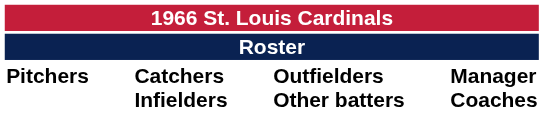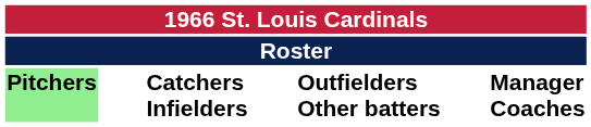 <table class="toccolours" style="font-size: 95%;">
 <tr>
 <th colspan="10" style="background-color: #c41e3a; color: white; text-align: center;">1966 St. Louis Cardinals</th>
 </tr>
 <tr>
 <td colspan="10" style="background-color: #0a2252; color: white; text-align: center;"><strong>Roster</strong></td>
 </tr>
 <tr>
-<td valign="top"><strong>Pitchers</strong><br>                 </td>
+<td valign="top" style="background: lightgreen;"><strong>Pitchers</strong><br>                 </td>
 <td width="25px"></td>
 <td valign="top"><strong>Catchers</strong><br>  <strong>Infielders</strong>          </td>
 <td width="25px"></td>
 <td valign="top"><strong>Outfielders</strong><br>      <strong>Other batters</strong> </td>
 <td width="25px"></td>
 <td valign="top"><strong>Manager</strong><br> <strong>Coaches</strong>    </td>
 </tr>
 </table>
